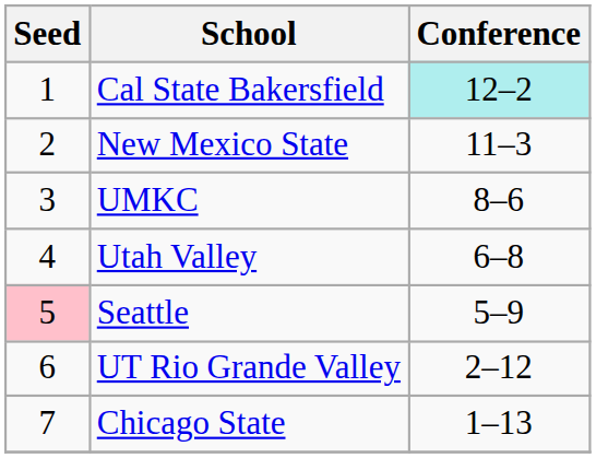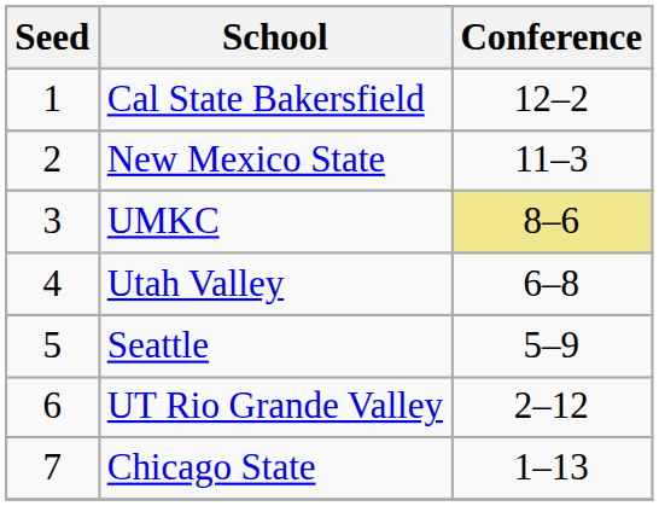 <table class="wikitable" style="white-space:nowrap; font-size:90%;text-align:center">
 <tr>
 <th>Seed</th>
 <th>School</th>
 <th>Conference</th>
 </tr>
 <tr>
 <td>1</td>
 <td align=left><a href='#'>Cal State Bakersfield</a></td>
-<td style="background: paleturquoise;">12–2</td>
+<td>12–2</td>
 </tr>
 <tr>
 <td>2</td>
 <td align=left><a href='#'>New Mexico State</a></td>
 <td>11–3</td>
 </tr>
 <tr>
 <td>3</td>
 <td align=left><a href='#'>UMKC</a></td>
-<td>8–6</td>
+<td style="background: khaki;">8–6</td>
 </tr>
 <tr>
 <td>4</td>
 <td align=left><a href='#'>Utah Valley</a></td>
 <td>6–8</td>
 </tr>
 <tr>
-<td style="background: pink;">5</td>
+<td>5</td>
 <td align=left><a href='#'>Seattle</a></td>
 <td>5–9</td>
 </tr>
 <tr>
 <td>6</td>
 <td align=left><a href='#'>UT Rio Grande Valley</a></td>
 <td>2–12</td>
 </tr>
 <tr>
 <td>7</td>
 <td align=left><a href='#'>Chicago State</a></td>
 <td>1–13</td>
 </tr>
 <tr>
 </tr>
 </table>
